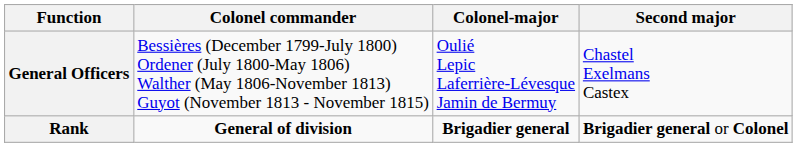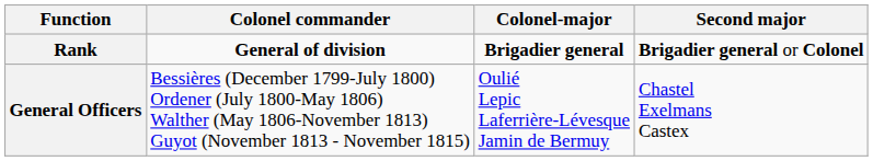 <table class="wikitable">
 <tr>
 <th>Function</th>
 <th>Colonel commander</th>
 <th>Colonel-major</th>
 <th>Second major</th>
 </tr>
 <tr>
+<th colspan="1" bgcolor="#f9f9f9;"><strong>Rank</strong></th>
+<td align="center"><strong>General of division</strong></td>
+<td align="center"><strong>Brigadier general</strong></td>
+<td align="center"><strong>Brigadier general</strong> or <strong>Colonel</strong></td>
+</tr>
+<tr>
 <th colspan="1" bgcolor="#f9f9f9;"><strong>General Officers</strong></th>
 <td align="left"><a href='#'>Bessières</a> (December 1799-July 1800)<br><a href='#'>Ordener</a> (July 1800-May 1806)<br><a href='#'>Walther</a> (May 1806-November 1813)<br><a href='#'>Guyot</a> (November 1813 - November 1815)</td>
 <td align="left"><a href='#'>Oulié</a><br><a href='#'>Lepic</a><br><a href='#'>Laferrière-Lévesque</a><br><a href='#'>Jamin de Bermuy</a></td>
 <td align="left"><a href='#'>Chastel</a><br><a href='#'>Exelmans</a><br>Castex</td>
 </tr>
-<tr>
-<th colspan="1" bgcolor="#f9f9f9;"><strong>Rank</strong></th>
-<td align="center"><strong>General of division</strong></td>
-<td align="center"><strong>Brigadier general</strong></td>
-<td align="center"><strong>Brigadier general</strong> or <strong>Colonel</strong></td>
-</tr>
 </table>
